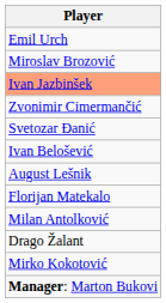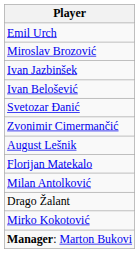 <table class="wikitable sortable">
 <tr>
 <th>Player</th>
 </tr>
 <tr>
 <td><a href='#'>Emil Urch</a></td>
 </tr>
 <tr>
 <td><a href='#'>Miroslav Brozović</a></td>
 </tr>
 <tr>
-<td style="background: lightsalmon;"><a href='#'>Ivan Jazbinšek</a></td>
+<td><a href='#'>Ivan Jazbinšek</a></td>
 </tr>
 <tr>
-<td><a href='#'>Zvonimir Cimermančić</a></td>
+<td><a href='#'>Ivan Belošević</a></td>
 </tr>
 <tr>
 <td><a href='#'>Svetozar Đanić</a></td>
 </tr>
 <tr>
-<td><a href='#'>Ivan Belošević</a></td>
+<td><a href='#'>Zvonimir Cimermančić</a></td>
 </tr>
 <tr>
 <td><a href='#'>August Lešnik</a></td>
 </tr>
 <tr>
 <td><a href='#'>Florijan Matekalo</a></td>
 </tr>
 <tr>
 <td><a href='#'>Milan Antolković</a></td>
 </tr>
 <tr>
 <td>Drago Žalant</td>
 </tr>
 <tr>
 <td><a href='#'>Mirko Kokotović</a></td>
 </tr>
 <tr>
 <td><strong>Manager</strong>: <a href='#'>Marton Bukovi</a></td>
 </tr>
 </table>
